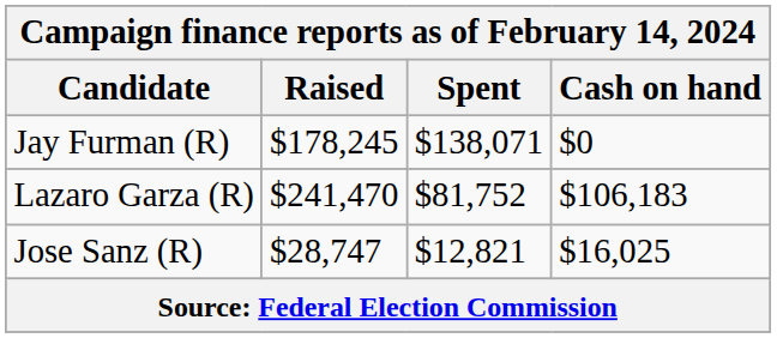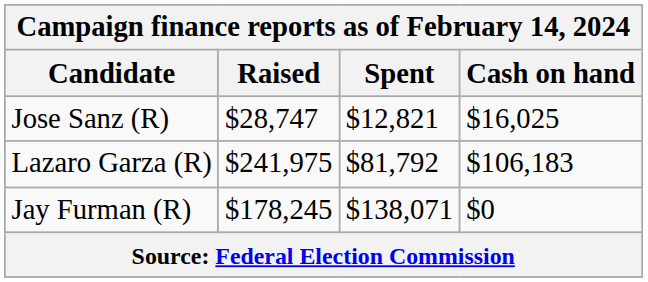 <table class="wikitable sortable">
 <tr>
 <th colspan=4>Campaign finance reports as of February 14, 2024</th>
 </tr>
 <tr style="text-align:center;">
 <th>Candidate</th>
 <th>Raised</th>
 <th>Spent</th>
 <th>Cash on hand</th>
 </tr>
 <tr>
+<td style="background-color:">Jose Sanz (R)</td>
+<td>$28,747</td>
+<td>$12,821</td>
+<td>$16,025</td>
+</tr>
+<tr>
+<td style="background-color:">Lazaro Garza (R)</td>
+<td>$241,975</td>
+<td>$81,792</td>
+<td>$106,183</td>
+</tr>
+<tr>
 <td style="background-color:">Jay Furman (R)</td>
 <td>$178,245</td>
 <td>$138,071</td>
 <td>$0</td>
 </tr>
 <tr>
-<td style="background-color:">Lazaro Garza (R)</td>
-<td>$241,470</td>
-<td>$81,752</td>
-<td>$106,183</td>
-</tr>
-<tr>
-<td style="background-color:">Jose Sanz (R)</td>
-<td>$28,747</td>
-<td>$12,821</td>
-<td>$16,025</td>
-</tr>
-<tr>
 <th colspan="4"><small>Source: <a href='#'>Federal Election Commission</a></small></th>
 </tr>
 </table>
